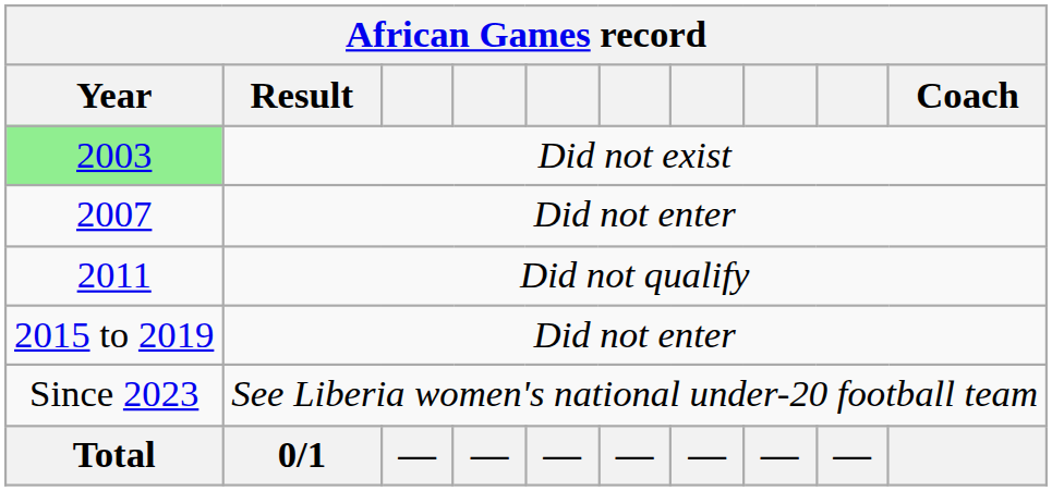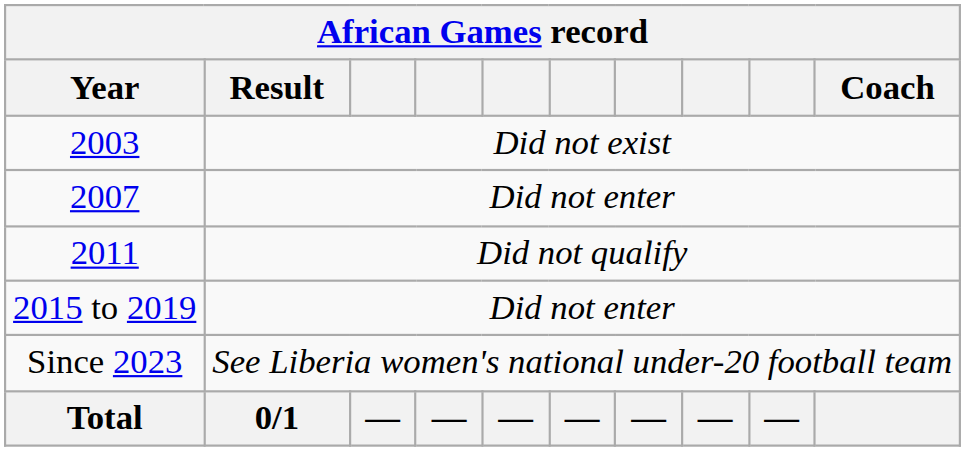 <table class="wikitable"  style="text-align:center;">
 <tr>
 <th colspan=10><a href='#'>African Games</a> record</th>
 </tr>
 <tr>
 <th>Year</th>
 <th>Result</th>
 <th></th>
 <th></th>
 <th></th>
 <th></th>
 <th></th>
 <th></th>
 <th></th>
 <th>Coach</th>
 </tr>
 <tr>
-<td style="background: lightgreen;"> <a href='#'>2003</a></td>
+<td> <a href='#'>2003</a></td>
 <td colspan=9><em>Did not exist</em></td>
 </tr>
 <tr>
 <td> <a href='#'>2007</a></td>
 <td colspan=9><em>Did not enter</em></td>
 </tr>
 <tr>
 <td> <a href='#'>2011</a></td>
 <td colspan=9><em>Did not qualify</em></td>
 </tr>
 <tr>
 <td> <a href='#'>2015</a> to  <a href='#'>2019</a></td>
 <td colspan=9><em>Did not enter</em></td>
 </tr>
 <tr>
 <td>Since  <a href='#'>2023</a></td>
 <td colspan=9><em>See Liberia women's national under-20 football team</em></td>
 </tr>
 <tr>
 <th>Total</th>
 <th>0/1</th>
 <th>—</th>
 <th>—</th>
 <th>—</th>
 <th>—</th>
 <th>—</th>
 <th>—</th>
 <th>—</th>
 <th></th>
 </tr>
 </table>
